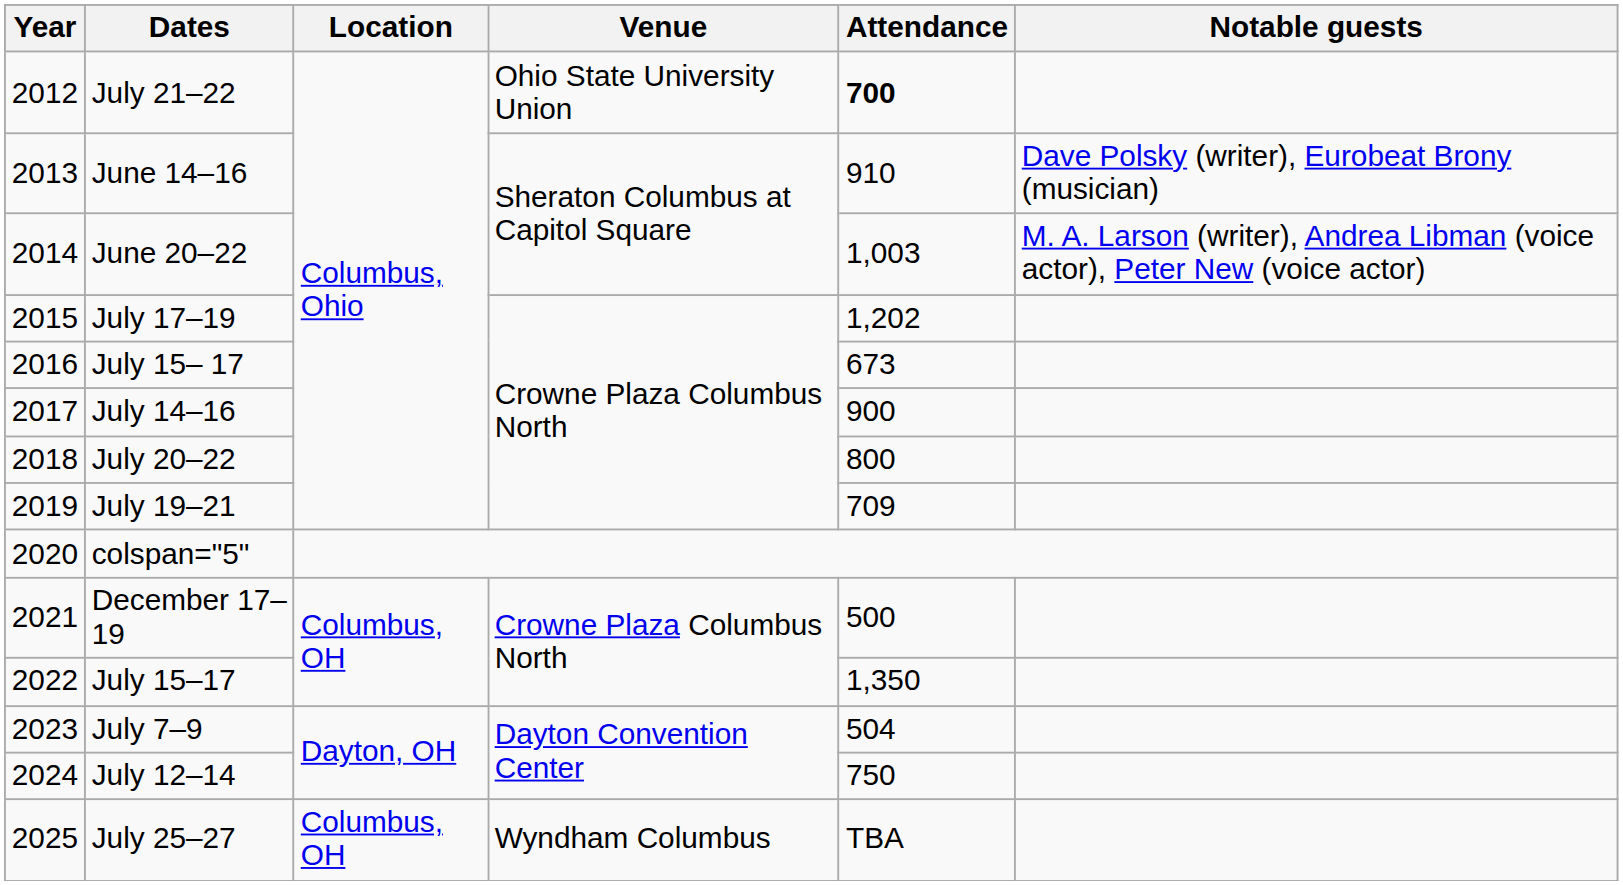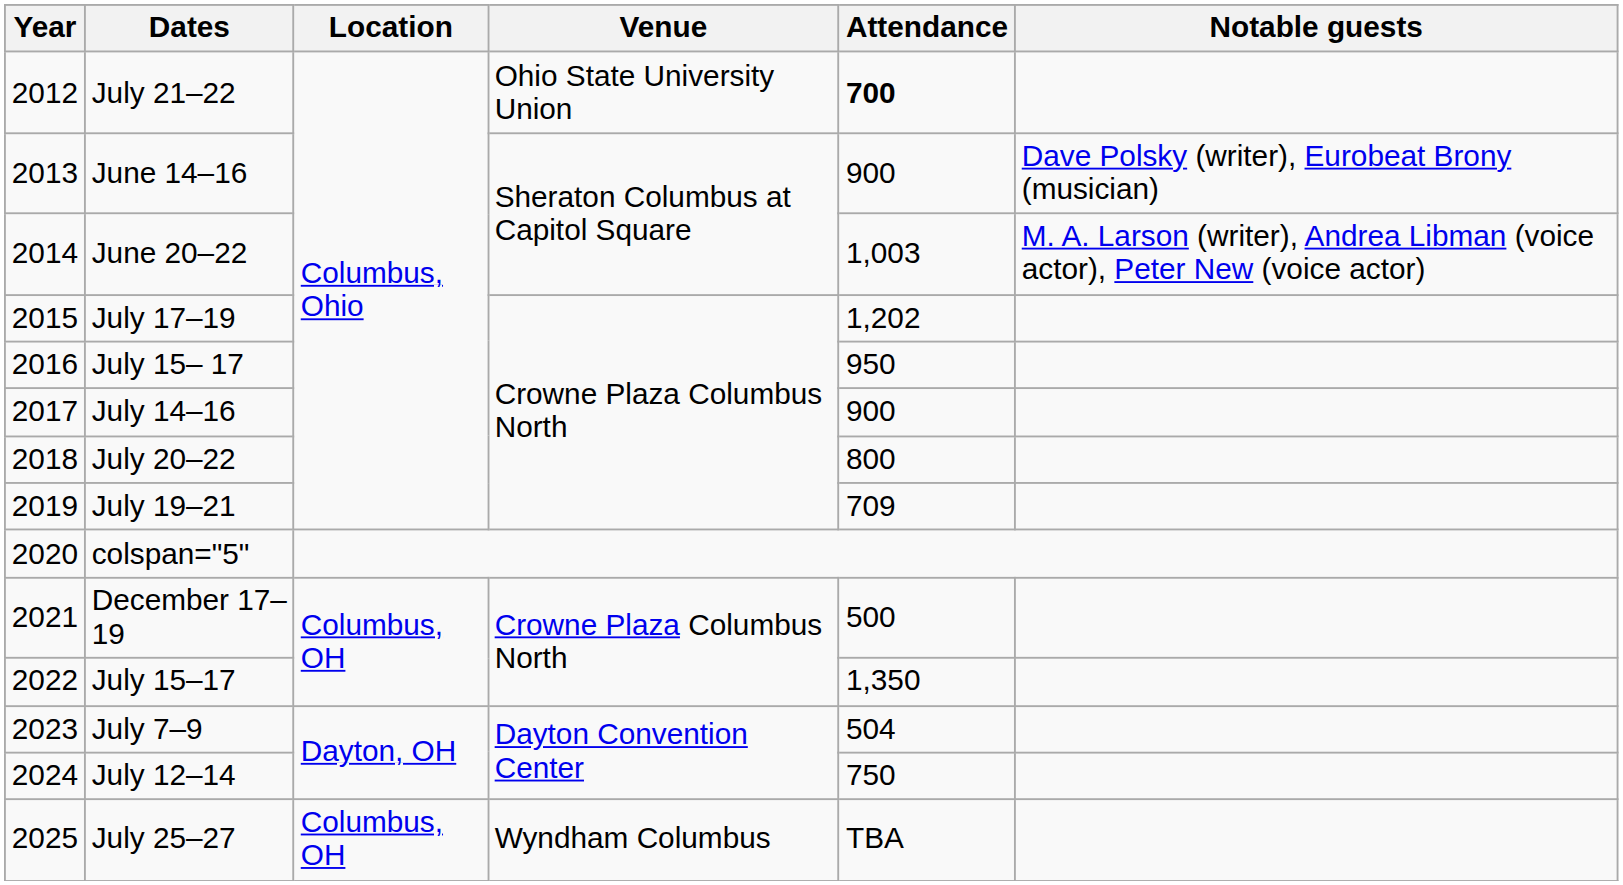 <table class="wikitable" border="1">
 <tr>
 <th>Year</th>
 <th>Dates</th>
 <th>Location</th>
 <th>Venue</th>
 <th>Attendance</th>
 <th>Notable guests</th>
 </tr>
 <tr>
 <td>2012</td>
 <td>July 21–22</td>
 <td rowspan="8"><a href='#'>Columbus, Ohio</a></td>
 <td>Ohio State University Union</td>
 <td><strong>700</strong></td>
 <td></td>
 </tr>
 <tr>
 <td>2013</td>
 <td>June 14–16</td>
 <td rowspan="2">Sheraton Columbus at Capitol Square</td>
-<td>910</td>
+<td>900</td>
 <td><a href='#'>Dave Polsky</a> (writer), <a href='#'>Eurobeat Brony</a> (musician)</td>
 </tr>
 <tr>
 <td>2014</td>
 <td>June 20–22</td>
 <td>1,003</td>
 <td><a href='#'>M. A. Larson</a> (writer), <a href='#'>Andrea Libman</a> (voice actor), <a href='#'>Peter New</a> (voice actor)</td>
 </tr>
 <tr>
 <td>2015</td>
 <td>July 17–19</td>
 <td rowspan="5">Crowne Plaza Columbus North</td>
 <td>1,202</td>
 <td></td>
 </tr>
 <tr>
 <td>2016</td>
 <td>July 15– 17</td>
-<td>673</td>
+<td>950</td>
 <td></td>
 </tr>
 <tr>
 <td>2017</td>
 <td>July 14–16</td>
 <td>900</td>
 <td></td>
 </tr>
 <tr>
 <td>2018</td>
 <td>July 20–22</td>
 <td>800</td>
 <td></td>
 </tr>
 <tr>
 <td>2019</td>
 <td>July 19–21</td>
 <td>709</td>
 <td></td>
 </tr>
 <tr>
 <td>2020</td>
 <td>colspan="5" </td>
 </tr>
 <tr>
 <td>2021</td>
 <td>December 17–19</td>
 <td rowspan="2"><a href='#'>Columbus, OH</a></td>
 <td rowspan="2"><a href='#'>Crowne Plaza</a> Columbus North</td>
 <td>500</td>
 <td></td>
 </tr>
 <tr>
 <td>2022</td>
 <td>July 15–17</td>
 <td>1,350</td>
 <td></td>
 </tr>
 <tr>
 <td>2023</td>
 <td>July 7–9</td>
 <td rowspan="2"><a href='#'>Dayton, OH</a></td>
 <td rowspan="2"><a href='#'>Dayton Convention Center</a></td>
 <td>504</td>
 <td></td>
 </tr>
 <tr>
 <td>2024</td>
 <td>July 12–14</td>
 <td>750</td>
 <td></td>
 </tr>
 <tr>
 <td>2025</td>
 <td>July 25–27</td>
 <td rowspan="1"><a href='#'>Columbus, OH</a></td>
 <td>Wyndham Columbus</td>
 <td>TBA</td>
 <td></td>
 </tr>
 </table>
